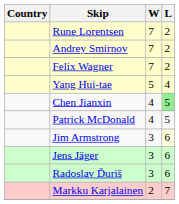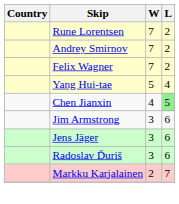 <table class=wikitable>
 <tr>
 <th>Country</th>
 <th>Skip</th>
 <th>W</th>
 <th>L</th>
 </tr>
 <tr bgcolor=#ffffcc>
 <td></td>
 <td><a href='#'>Rune Lorentsen</a></td>
 <td>7</td>
 <td>2</td>
 </tr>
 <tr bgcolor=#ffffcc>
 <td></td>
 <td><a href='#'>Andrey Smirnov</a></td>
 <td>7</td>
 <td>2</td>
 </tr>
 <tr bgcolor=#ffffcc>
 <td></td>
 <td><a href='#'>Felix Wagner</a></td>
 <td>7</td>
 <td>2</td>
 </tr>
 <tr bgcolor=#ffffcc>
 <td></td>
 <td><a href='#'>Yang Hui-tae</a></td>
 <td>5</td>
 <td>4</td>
 </tr>
 <tr>
 <td></td>
 <td><a href='#'>Chen Jianxin</a></td>
 <td>4</td>
 <td style="background: lightgreen;">5</td>
 </tr>
 <tr>
 <td></td>
-<td><a href='#'>Patrick McDonald</a></td>
-<td>4</td>
-<td>5</td>
-</tr>
-<tr>
-<td></td>
 <td><a href='#'>Jim Armstrong</a></td>
 <td>3</td>
-<td style="background: lightyellow;">6</td>
+<td>6</td>
 </tr>
 <tr bgcolor=#ccffcc>
 <td></td>
 <td><a href='#'>Jens Jäger</a></td>
 <td>3</td>
 <td>6</td>
 </tr>
 <tr bgcolor=#ccffcc>
 <td></td>
 <td><a href='#'>Radoslav Ďuriš</a></td>
 <td>3</td>
 <td>6</td>
 </tr>
 <tr style="background:#fcc">
 <td></td>
 <td><a href='#'>Markku Karjalainen</a></td>
 <td>2</td>
 <td>7</td>
 </tr>
 <tr>
 </tr>
 </table>
